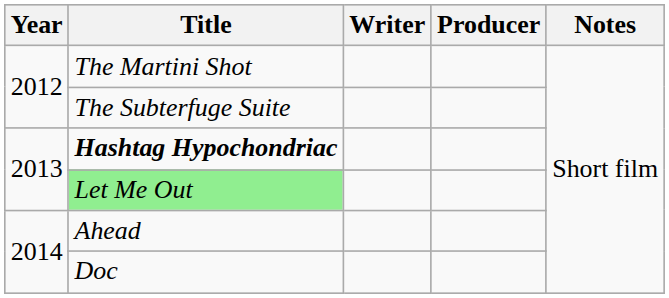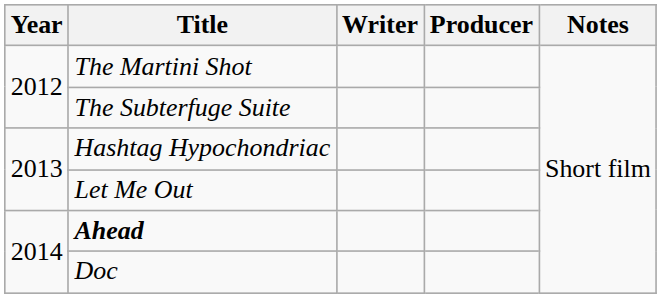 <table class="wikitable">
 <tr>
 <th>Year</th>
 <th>Title</th>
 <th>Writer</th>
 <th>Producer</th>
 <th>Notes</th>
 </tr>
 <tr>
 <td rowspan="2">2012</td>
 <td><em>The Martini Shot</em></td>
 <td></td>
 <td></td>
 <td rowspan="6">Short film</td>
 </tr>
 <tr>
 <td><em>The Subterfuge Suite</em></td>
 <td></td>
 <td></td>
 </tr>
 <tr>
 <td rowspan="2">2013</td>
-<td><strong><em>Hashtag Hypochondriac</em></strong></td>
+<td><em>Hashtag Hypochondriac</em></td>
 <td></td>
 <td></td>
 </tr>
 <tr>
-<td style="background: lightgreen;"><em>Let Me Out</em></td>
+<td><em>Let Me Out</em></td>
 <td></td>
 <td></td>
 </tr>
 <tr>
 <td rowspan="2">2014</td>
-<td><em>Ahead</em></td>
+<td><strong><em>Ahead</em></strong></td>
 <td></td>
 <td></td>
 </tr>
 <tr>
 <td><em>Doc</em></td>
 <td></td>
 <td></td>
 </tr>
 </table>
